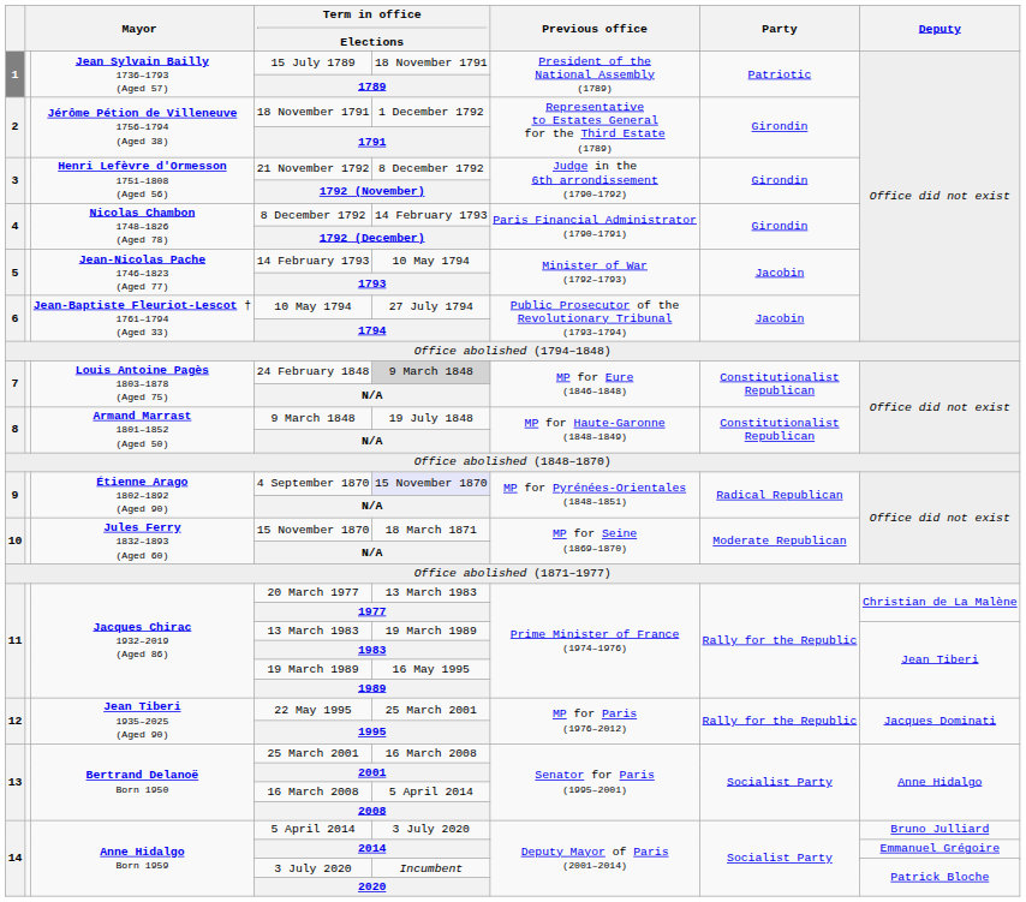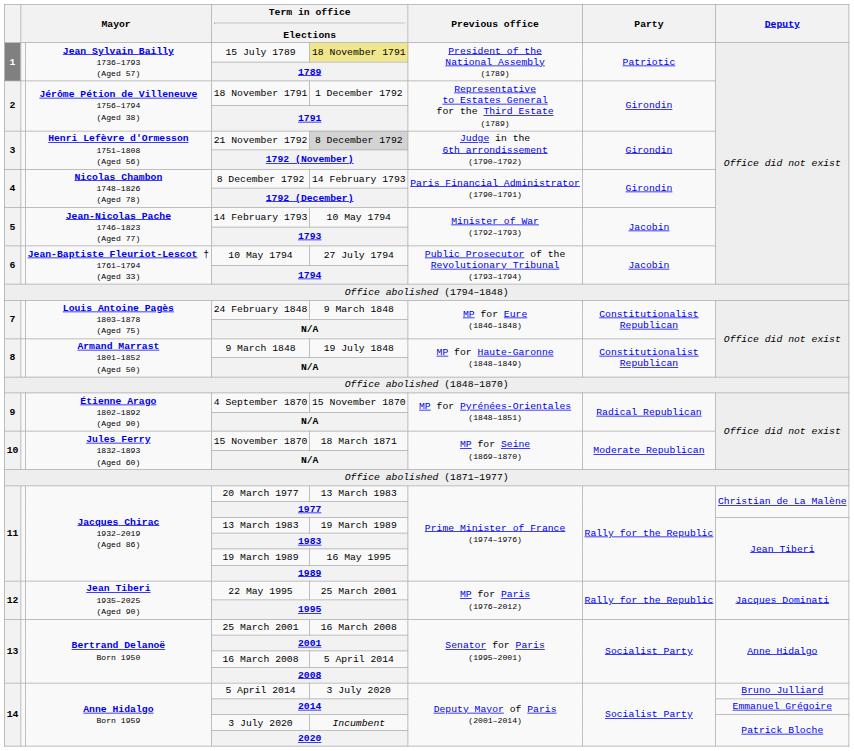 <table class="wikitable plainrowheaders" style="text-align:center">
 <tr>
 <th></th>
 <th colspan=2>Mayor</th>
 <th colspan=2>Term in office<hr>Elections</th>
 <th>Previous office</th>
 <th>Party</th>
 <th><a href='#'>Deputy</a></th>
 </tr>
 <tr>
 <th rowspan=2 style="background:#808080; color:white">1</th>
 <td rowspan=2></td>
 <td rowspan=2><strong><a href='#'>Jean Sylvain Bailly</a></strong><br><small>1736–1793<br>(Aged 57)</small></td>
 <td>15 July 1789</td>
-<td>18 November 1791</td>
+<td style="background: khaki;">18 November 1791</td>
 <td rowspan=2><a href='#'>President of the<br>National Assembly</a><br><small>(1789)</small></td>
 <td rowspan=2><a href='#'>Patriotic</a></td>
 <td rowspan=12 bgcolor=#EEEEEE><em>Office did not exist</em></td>
 </tr>
 <tr>
 <th scope=row style="text-align:center" colspan=2 class=nowrap><a href='#'>1789</a></th>
 </tr>
 <tr>
 <th rowspan=2 style="background:">2</th>
 <td rowspan=2></td>
 <td rowspan=2><strong><a href='#'>Jérôme Pétion de Villeneuve</a></strong><br><small>1756–1794<br>(Aged 38)</small></td>
 <td>18 November 1791</td>
 <td>1 December 1792</td>
 <td rowspan=2><a href='#'>Representative<br>to Estates General</a><br>for the <a href='#'>Third Estate</a><br><small>(1789)</small></td>
 <td rowspan=2><a href='#'>Girondin</a></td>
 </tr>
 <tr>
 <th scope=row style="text-align:center" colspan=2 class=nowrap><a href='#'>1791</a></th>
 </tr>
 <tr>
 <th rowspan=2 style="background:">3</th>
 <td rowspan=2></td>
 <td rowspan=2><strong><a href='#'>Henri Lefèvre d'Ormesson</a></strong><br><small>1751–1808<br>(Aged 56)</small></td>
 <td>21 November 1792</td>
-<td>8 December 1792</td>
+<td style="background: lightgrey;">8 December 1792</td>
 <td rowspan=2><a href='#'>Judge</a> in the<br><a href='#'>6th arrondissement</a><br><small>(1790–1792)</small></td>
 <td rowspan=2><a href='#'>Girondin</a></td>
 </tr>
 <tr>
 <th scope=row style="text-align:center" colspan=2 class=nowrap><a href='#'>1792 (November)</a></th>
 </tr>
 <tr>
 <th rowspan=2 style="background:">4</th>
 <td rowspan=2></td>
 <td rowspan=2><strong><a href='#'>Nicolas Chambon</a></strong><br><small>1748–1826<br>(Aged 78)</small></td>
 <td>8 December 1792</td>
 <td>14 February 1793</td>
 <td rowspan=2><a href='#'>Paris Financial Administrator</a><br><small>(1790–1791)</small></td>
 <td rowspan=2><a href='#'>Girondin</a></td>
 </tr>
 <tr>
 <th scope=row style="text-align:center" colspan=2 class=nowrap><a href='#'>1792 (December)</a></th>
 </tr>
 <tr>
 <th rowspan=2 style="background:">5</th>
 <td rowspan=2></td>
 <td rowspan=2><strong><a href='#'>Jean-Nicolas Pache</a></strong><br><small>1746–1823<br>(Aged 77)</small></td>
 <td>14 February 1793</td>
 <td>10 May 1794</td>
 <td rowspan=2><a href='#'>Minister of War</a><br><small>(1792–1793)</small></td>
 <td rowspan=2><a href='#'>Jacobin</a></td>
 </tr>
 <tr>
 <th scope=row style="text-align:center" colspan=2 class=nowrap><a href='#'>1793</a></th>
 </tr>
 <tr>
 <th rowspan=2 style="background:">6</th>
 <td rowspan=2></td>
 <td rowspan=2><strong><a href='#'>Jean-Baptiste Fleuriot-Lescot</a></strong> †<br><small>1761–1794<br>(Aged 33)</small></td>
 <td>10 May 1794</td>
 <td>27 July 1794</td>
 <td rowspan=2><a href='#'>Public Prosecutor</a> of the<br><a href='#'>Revolutionary Tribunal</a><br><small>(1793–1794)</small></td>
 <td rowspan=2><a href='#'>Jacobin</a></td>
 </tr>
 <tr>
 <th scope=row style="text-align:center" colspan=2 class=nowrap><a href='#'>1794</a></th>
 </tr>
 <tr>
 <td colspan=8 bgcolor=#EEEEEE><em>Office abolished</em> (1794–1848)</td>
 </tr>
 <tr>
 <th rowspan=2 style="background:">7</th>
 <td rowspan=2></td>
 <td rowspan=2><strong><a href='#'>Louis Antoine Pagès</a></strong><br><small>1803–1878<br>(Aged 75)</small></td>
 <td>24 February 1848</td>
-<td style="background: lightgrey;">9 March 1848</td>
+<td>9 March 1848</td>
 <td rowspan=2><a href='#'>MP</a> for <a href='#'>Eure</a><br><small>(1846–1848)</small></td>
 <td rowspan=2><a href='#'>Constitutionalist<br>Republican</a></td>
 <td rowspan=4 bgcolor=#EEEEEE><em>Office did not exist</em></td>
 </tr>
 <tr>
 <th scope=row style="text-align:center" colspan=2 class=nowrap>N/A</th>
 </tr>
 <tr>
 <th rowspan=2 style="background:">8</th>
 <td rowspan=2></td>
 <td rowspan=2><strong><a href='#'>Armand Marrast</a></strong><br><small>1801–1852<br>(Aged 50)</small></td>
 <td>9 March 1848</td>
 <td>19 July 1848</td>
 <td rowspan=2><a href='#'>MP</a> for <a href='#'>Haute-Garonne</a><br><small>(1848–1849)</small></td>
 <td rowspan=2><a href='#'>Constitutionalist<br>Republican</a></td>
 </tr>
 <tr>
 <th scope=row style="text-align:center" colspan=2 class=nowrap>N/A</th>
 </tr>
 <tr>
 <td colspan=8 bgcolor=#EEEEEE><em>Office abolished</em> (1848–1870)</td>
 </tr>
 <tr>
 <th rowspan=2 style="background:">9</th>
 <td rowspan=2></td>
 <td rowspan=2><strong><a href='#'>Étienne Arago</a></strong><br><small>1802–1892<br>(Aged 90)</small></td>
 <td>4 September 1870</td>
-<td style="background: lavender;">15 November 1870</td>
+<td>15 November 1870</td>
 <td rowspan=2><a href='#'>MP</a> for <a href='#'>Pyrénées-Orientales</a><br><small>(1848–1851)</small></td>
 <td rowspan=2><a href='#'>Radical Republican</a></td>
 <td rowspan=4 bgcolor=#EEEEEE><em>Office did not exist</em></td>
 </tr>
 <tr>
 <th scope=row style="text-align:center" colspan=2 class=nowrap>N/A</th>
 </tr>
 <tr>
 <th rowspan=2 style="background:">10</th>
 <td rowspan=2></td>
 <td rowspan=2><strong><a href='#'>Jules Ferry</a></strong><br><small>1832–1893<br>(Aged 60)</small></td>
 <td>15 November 1870</td>
 <td>18 March 1871</td>
 <td rowspan=2><a href='#'>MP</a> for <a href='#'>Seine</a><br><small>(1869–1870)</small></td>
 <td rowspan=2><a href='#'>Moderate Republican</a></td>
 </tr>
 <tr>
 <th scope=row style="text-align:center" colspan=2 class=nowrap>N/A</th>
 </tr>
 <tr>
 <td colspan=8 bgcolor=#EEEEEE><em>Office abolished</em> (1871–1977)</td>
 </tr>
 <tr>
 <th rowspan=6 style="background:">11</th>
 <td rowspan=6></td>
 <td rowspan=6><strong><a href='#'>Jacques Chirac</a></strong><br><small>1932–2019<br>(Aged 86)</small></td>
 <td>20 March 1977</td>
 <td>13 March 1983</td>
 <td rowspan=6><a href='#'>Prime Minister of France</a><br><small>(1974–1976)</small></td>
 <td rowspan=6><a href='#'>Rally for the Republic</a></td>
 <td rowspan=2><a href='#'>Christian de La Malène</a></td>
 </tr>
 <tr>
 <th scope=row style="text-align:center" colspan=2 class=nowrap><a href='#'>1977</a></th>
 </tr>
 <tr>
 <td>13 March 1983</td>
 <td>19 March 1989</td>
 <td rowspan=4><a href='#'>Jean Tiberi</a></td>
 </tr>
 <tr>
 <th scope=row style="text-align:center" colspan=2 class=nowrap><a href='#'>1983</a></th>
 </tr>
 <tr>
 <td>19 March 1989</td>
 <td>16 May 1995</td>
 </tr>
 <tr>
 <th scope=row style="text-align:center" colspan=2 class=nowrap><a href='#'>1989</a></th>
 </tr>
 <tr>
 <th rowspan=2 style="background:">12</th>
 <td rowspan=2></td>
 <td rowspan=2><strong><a href='#'>Jean Tiberi</a></strong><br><small>1935–2025<br>(Aged 90)</small></td>
 <td>22 May 1995</td>
 <td>25 March 2001</td>
 <td rowspan=2><a href='#'>MP</a> for <a href='#'>Paris</a><br><small>(1976–2012)</small></td>
 <td rowspan=2><a href='#'>Rally for the Republic</a></td>
 <td rowspan=2><a href='#'>Jacques Dominati</a></td>
 </tr>
 <tr>
 <th scope=row style="text-align:center" colspan=2 class=nowrap><a href='#'>1995</a></th>
 </tr>
 <tr>
 <th rowspan=4 style="background:">13</th>
 <td rowspan=4></td>
 <td rowspan=4><strong><a href='#'>Bertrand Delanoë</a></strong><br><small>Born 1950</small></td>
 <td>25 March 2001</td>
 <td>16 March 2008</td>
 <td rowspan=4><a href='#'>Senator</a> for <a href='#'>Paris</a><br><small>(1995–2001)</small></td>
 <td rowspan=4><a href='#'>Socialist Party</a></td>
 <td rowspan=4><a href='#'>Anne Hidalgo</a></td>
 </tr>
 <tr>
 <th scope=row style="text-align:center" colspan=2 class=nowrap><a href='#'>2001</a></th>
 </tr>
 <tr>
 <td>16 March 2008</td>
 <td>5 April 2014</td>
 </tr>
 <tr>
 <th scope=row style="text-align:center" colspan=2 class=nowrap><a href='#'>2008</a></th>
 </tr>
 <tr>
 <th rowspan=6 style="background:">14</th>
 <td rowspan=6></td>
 <td rowspan=6><strong><a href='#'>Anne Hidalgo</a></strong><br><small>Born 1959</small></td>
 <td>5 April 2014</td>
 <td>3 July 2020</td>
 <td rowspan=6><a href='#'>Deputy Mayor</a> of <a href='#'>Paris</a><br><small>(2001–2014)</small></td>
 <td rowspan=6><a href='#'>Socialist Party</a></td>
 <td rowspan="2"><a href='#'>Bruno Julliard</a></td>
 </tr>
 <tr>
 <th scope=row style="text-align:center" rowspan=2 colspan=2 class=nowrap><a href='#'>2014</a></th>
 </tr>
 <tr>
 <td rowspan="2"><a href='#'>Emmanuel Grégoire</a></td>
 </tr>
 <tr>
 <td rowspan="2">3 July 2020</td>
 <td rowspan="2"><em>Incumbent</em></td>
 </tr>
 <tr>
 <td rowspan="2"><a href='#'>Patrick Bloche</a></td>
 </tr>
 <tr>
 <th scope=row style="text-align:center" rowspan=2 colspan=2 class=nowrap><a href='#'>2020</a></th>
 </tr>
 </table>
